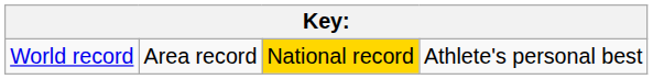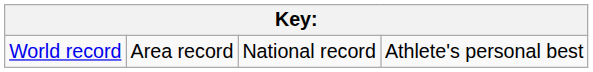 <table class="wikitable">
 <tr>
 <th colspan=4>Key:</th>
 </tr>
 <tr>
 <td><a href='#'>World record</a></td>
 <td>Area record</td>
-<td style="background: gold;">National record</td>
+<td>National record</td>
 <td>Athlete's personal best</td>
 </tr>
 </table>
